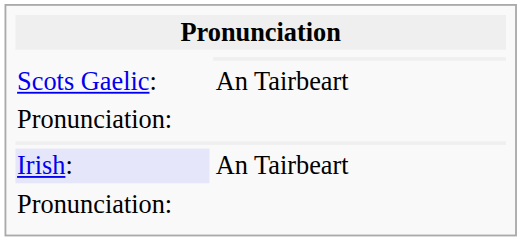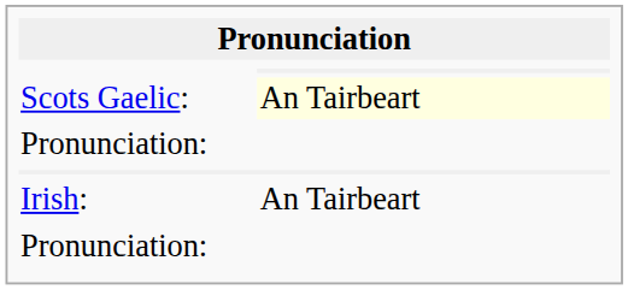 <table class="collapsible infobox collapsed" width="280" style="font-size: 90%;">
 <tr>
 <th colspan="2" bgcolor="#efefef">Pronunciation</th>
 </tr>
 <tr class="note">
 </tr>
 <tr style="vertical-align: top;">
 <td style="width: 40%;"></td>
 <th colspan="2" bgcolor="#efefef"></th>
 </tr>
 <tr>
 <td><a href='#'>Scots Gaelic</a>:</td>
-<td>An Tairbeart</td>
+<td style="background: lightyellow;">An Tairbeart</td>
 </tr>
 <tr>
 <td>Pronunciation:</td>
 <td></td>
 </tr>
 <tr>
 <th colspan="2" bgcolor="#efefef"></th>
 </tr>
 <tr>
-<td style="background: lavender;"><a href='#'>Irish</a>:</td>
+<td><a href='#'>Irish</a>:</td>
 <td>An Tairbeart</td>
 </tr>
 <tr>
 <td>Pronunciation:</td>
 <td></td>
 </tr>
 <tr>
 </tr>
 </table>
